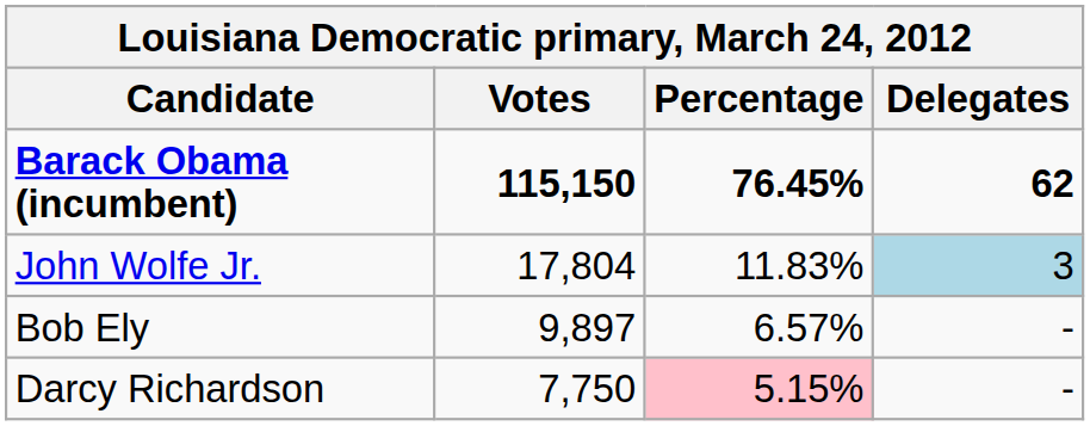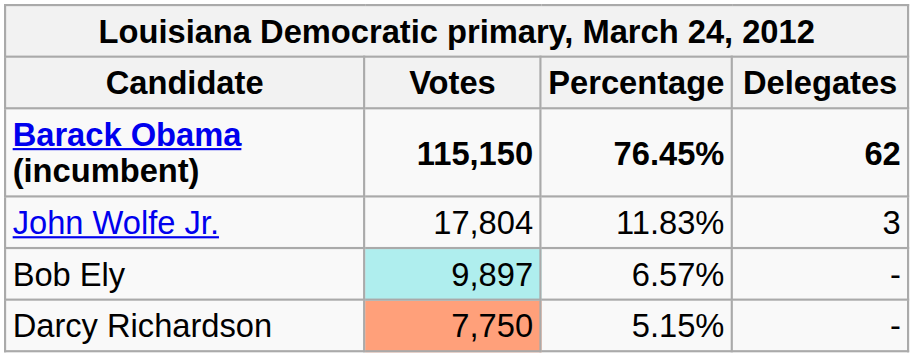 <table class="wikitable" style="font-size:95%;">
 <tr>
 <th colspan="4">Louisiana Democratic primary, March 24, 2012</th>
 </tr>
 <tr>
 <th style="width:160px;">Candidate</th>
 <th style="width:75px;">Votes</th>
 <th style="width:75px;">Percentage</th>
 <th style="width:75px;">Delegates</th>
 </tr>
 <tr style="text-align:right;">
 <td style="text-align:left;"><strong><a href='#'>Barack Obama</a></strong> <strong>(incumbent)</strong></td>
 <td><strong>115,150</strong></td>
 <td><strong>76.45%</strong></td>
 <td><strong>62</strong></td>
 </tr>
 <tr style="text-align:right;">
 <td style="text-align:left;"><a href='#'>John Wolfe Jr.</a></td>
 <td>17,804</td>
 <td>11.83%</td>
-<td style="background: lightblue;">3</td>
+<td>3</td>
 </tr>
 <tr style="text-align:right;">
 <td style="text-align:left;">Bob Ely</td>
-<td>9,897</td>
+<td style="background: paleturquoise;">9,897</td>
 <td>6.57%</td>
 <td>-</td>
 </tr>
 <tr style="text-align:right;">
 <td style="text-align:left;">Darcy Richardson</td>
-<td>7,750</td>
-<td style="background: pink;">5.15%</td>
+<td style="background: lightsalmon;">7,750</td>
+<td>5.15%</td>
 <td>-</td>
 </tr>
 </table>
